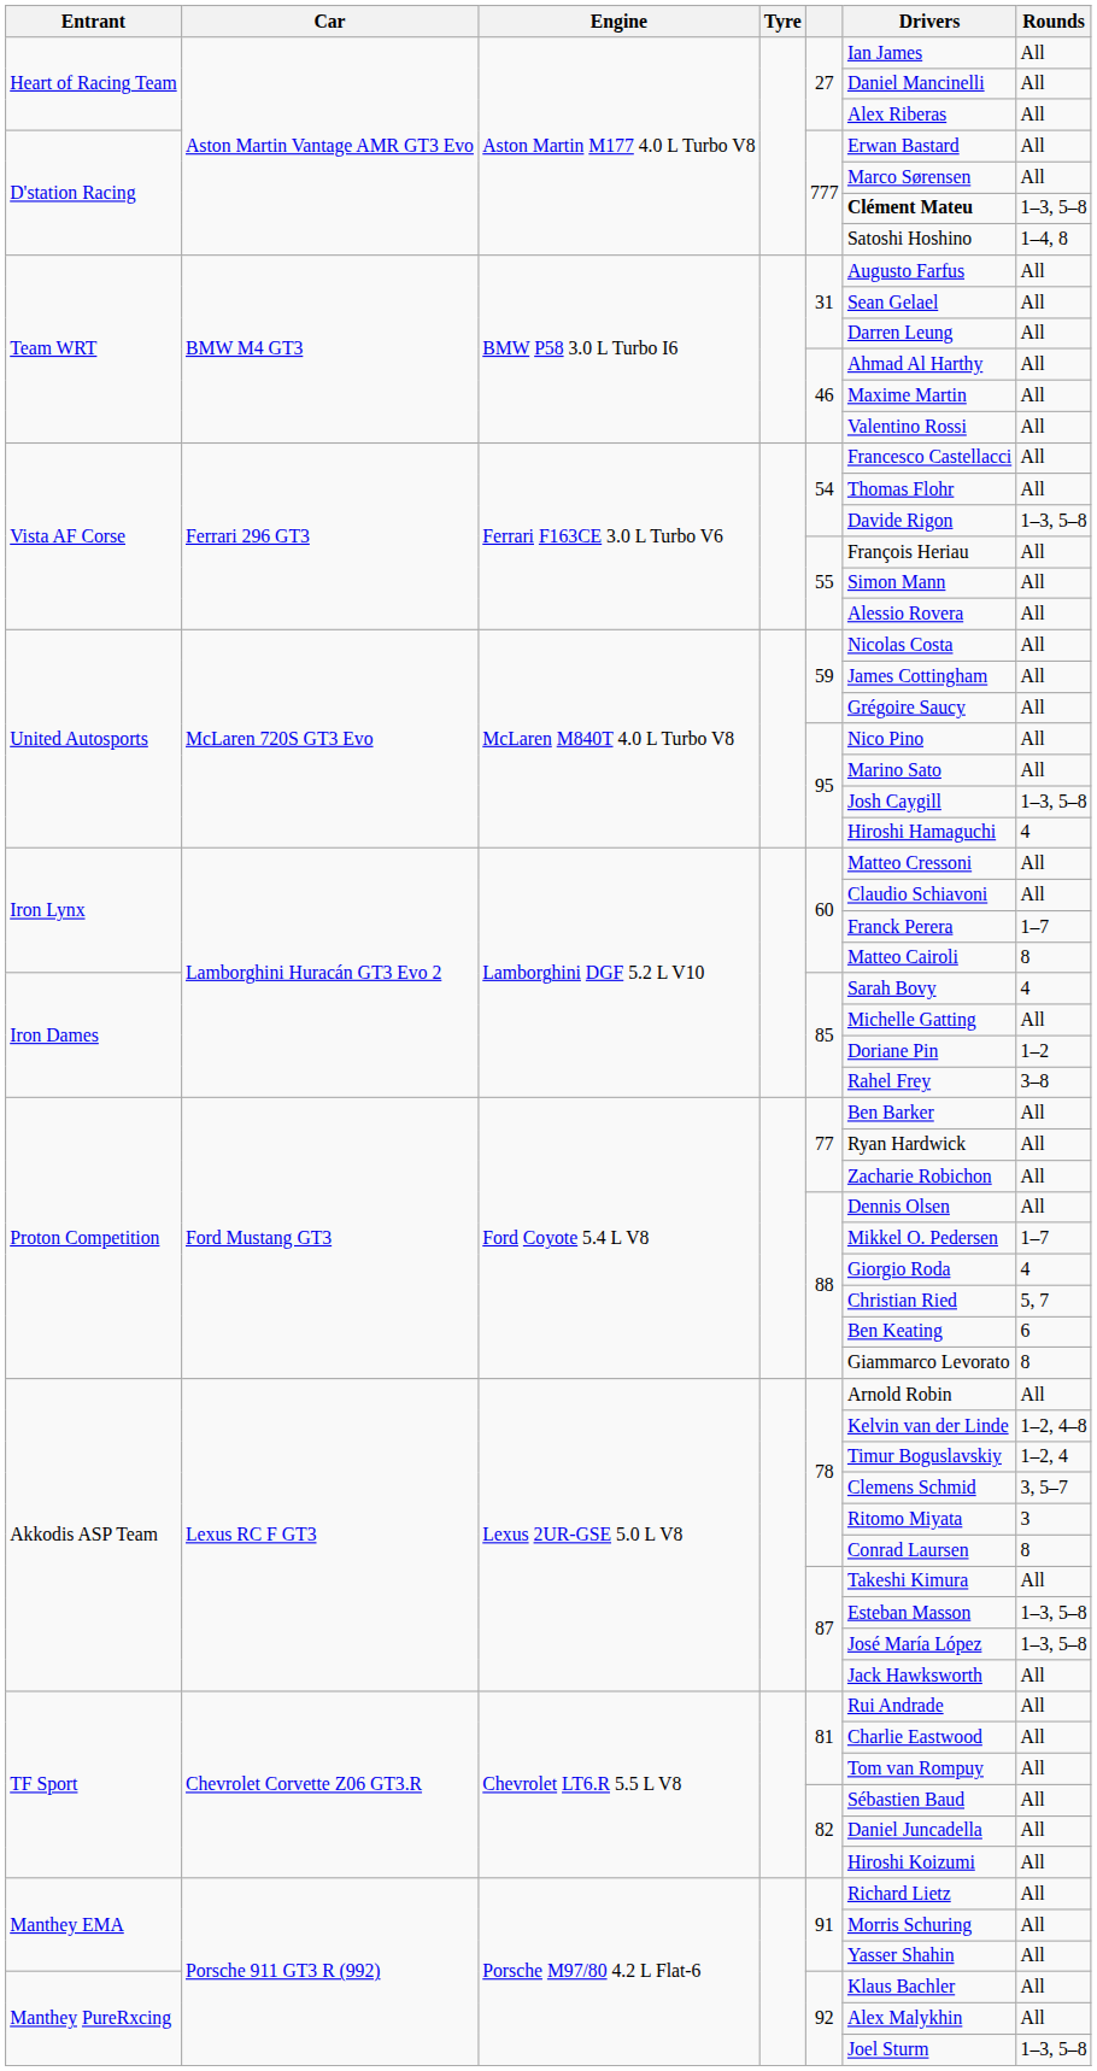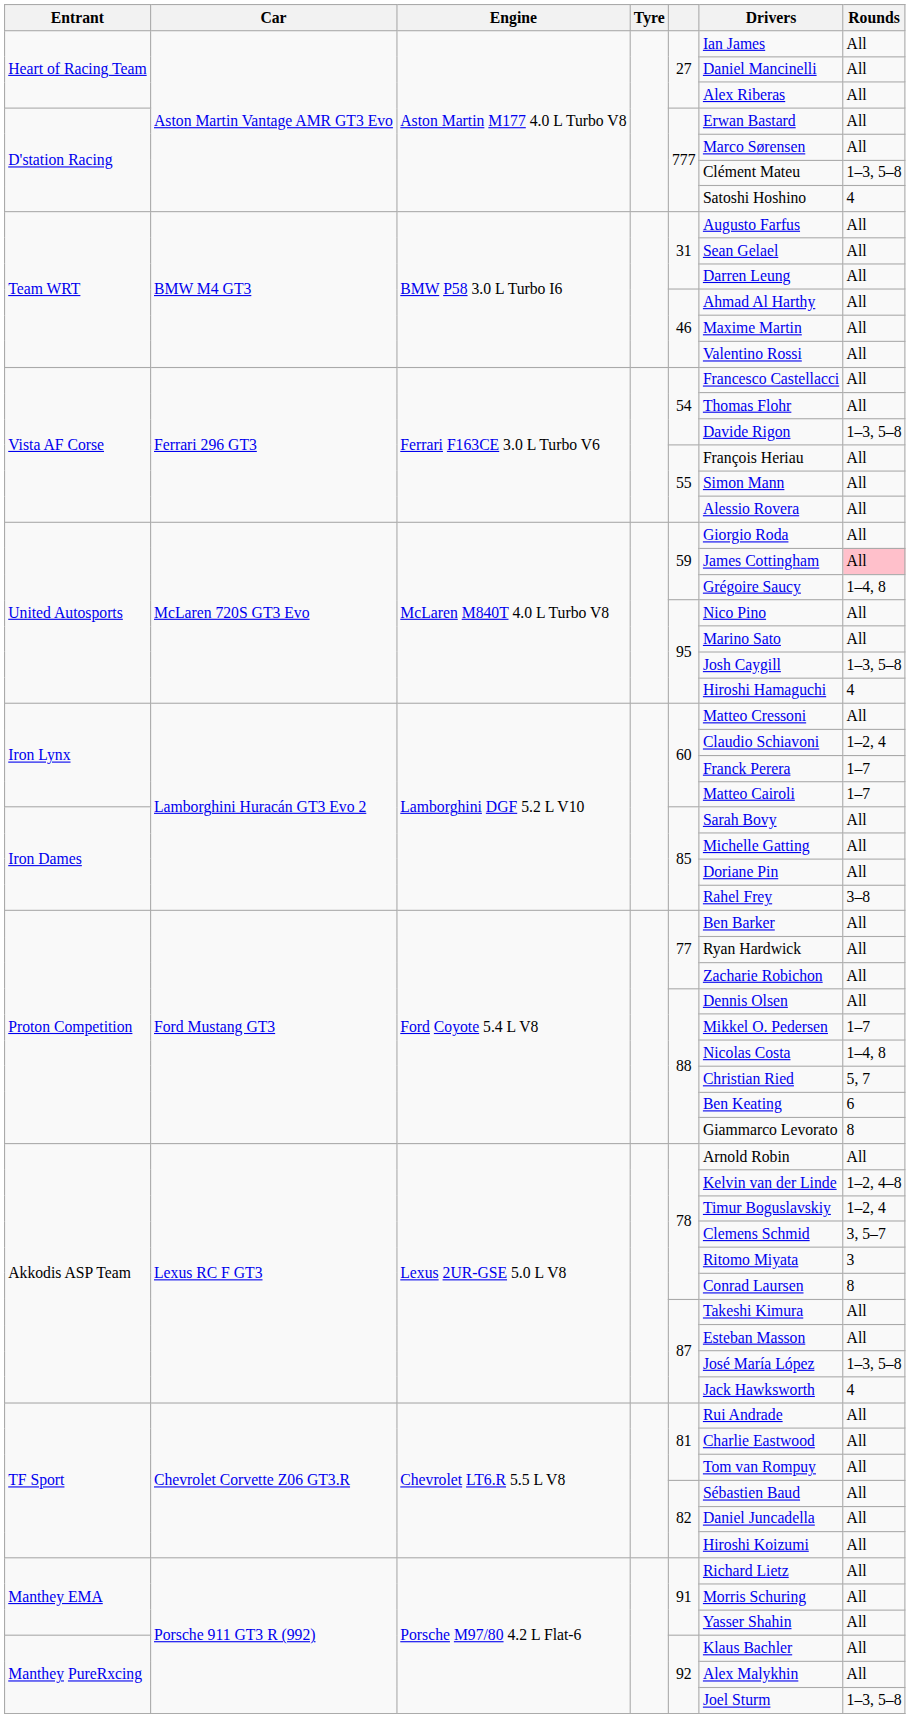 <table class="wikitable" style="font-size:90%;">
 <tr>
 <th>Entrant</th>
 <th>Car</th>
 <th>Engine</th>
 <th>Tyre</th>
 <th></th>
 <th>Drivers</th>
 <th>Rounds</th>
 </tr>
 <tr>
 <td rowspan="3"> <a href='#'>Heart of Racing Team</a></td>
 <td rowspan="7" nowrap><a href='#'>Aston Martin Vantage AMR GT3 Evo</a></td>
 <td rowspan="7" nowrap><a href='#'>Aston Martin</a> <a href='#'>M177</a> 4.0 L Turbo V8</td>
 <td rowspan="7" align="center"></td>
 <td rowspan="3" align="center">27</td>
 <td> <a href='#'>Ian James</a></td>
 <td>All</td>
 </tr>
 <tr>
 <td> <a href='#'>Daniel Mancinelli</a></td>
 <td>All</td>
 </tr>
 <tr>
 <td> <a href='#'>Alex Riberas</a></td>
 <td>All</td>
 </tr>
 <tr>
 <td rowspan="4"> <a href='#'>D'station Racing</a></td>
 <td rowspan="4" align="center">777</td>
 <td> <a href='#'>Erwan Bastard</a></td>
 <td>All</td>
 </tr>
 <tr>
 <td> <a href='#'>Marco Sørensen</a></td>
 <td>All</td>
 </tr>
 <tr>
-<td><strong> Clément Mateu</strong></td>
+<td> Clément Mateu</td>
 <td>1–3, 5–8</td>
 </tr>
 <tr>
 <td> Satoshi Hoshino</td>
-<td>1–4, 8</td>
+<td>4</td>
 </tr>
 <tr>
 <td rowspan="6"> <a href='#'>Team WRT</a></td>
 <td rowspan="6"><a href='#'>BMW M4 GT3</a></td>
 <td rowspan="6"><a href='#'>BMW</a> <a href='#'>P58</a> 3.0 L Turbo I6</td>
 <td rowspan="6" align="center"></td>
 <td rowspan="3" align="center">31</td>
 <td> <a href='#'>Augusto Farfus</a></td>
 <td>All</td>
 </tr>
 <tr>
 <td> <a href='#'>Sean Gelael</a></td>
 <td>All</td>
 </tr>
 <tr>
 <td> <a href='#'>Darren Leung</a></td>
 <td>All</td>
 </tr>
 <tr>
 <td rowspan="3" align="center">46</td>
 <td> <a href='#'>Ahmad Al Harthy</a></td>
 <td>All</td>
 </tr>
 <tr>
 <td> <a href='#'>Maxime Martin</a></td>
 <td>All</td>
 </tr>
 <tr>
 <td> <a href='#'>Valentino Rossi</a></td>
 <td>All</td>
 </tr>
 <tr>
 <td rowspan="6"> <a href='#'>Vista AF Corse</a></td>
 <td rowspan="6"><a href='#'>Ferrari 296 GT3</a></td>
 <td rowspan="6"><a href='#'>Ferrari</a> <a href='#'>F163CE</a> 3.0 L Turbo V6</td>
 <td rowspan="6" align="center"></td>
 <td rowspan="3" align="center">54</td>
 <td> <a href='#'>Francesco Castellacci</a></td>
 <td>All</td>
 </tr>
 <tr>
 <td> <a href='#'>Thomas Flohr</a></td>
 <td>All</td>
 </tr>
 <tr>
 <td> <a href='#'>Davide Rigon</a></td>
 <td>1–3, 5–8</td>
 </tr>
 <tr>
 <td rowspan="3" align="center">55</td>
 <td> François Heriau</td>
 <td>All</td>
 </tr>
 <tr>
 <td> <a href='#'>Simon Mann</a></td>
 <td>All</td>
 </tr>
 <tr>
 <td> <a href='#'>Alessio Rovera</a></td>
 <td>All</td>
 </tr>
 <tr>
 <td rowspan="7"> <a href='#'>United Autosports</a></td>
 <td rowspan="7"><a href='#'>McLaren 720S GT3 Evo</a></td>
 <td rowspan="7"><a href='#'>McLaren</a> <a href='#'>M840T</a> 4.0 L Turbo V8</td>
 <td rowspan="7" align="center"></td>
 <td rowspan="3" align="center">59</td>
-<td> <a href='#'>Nicolas Costa</a></td>
+<td> <a href='#'>Giorgio Roda</a></td>
 <td>All</td>
 </tr>
 <tr>
 <td> <a href='#'>James Cottingham</a></td>
-<td>All</td>
+<td style="background: pink;">All</td>
 </tr>
 <tr>
 <td> <a href='#'>Grégoire Saucy</a></td>
-<td>All</td>
+<td>1–4, 8</td>
 </tr>
 <tr>
 <td rowspan="4" align="center">95</td>
 <td> <a href='#'>Nico Pino</a></td>
 <td>All</td>
 </tr>
 <tr>
 <td> <a href='#'>Marino Sato</a></td>
 <td>All</td>
 </tr>
 <tr>
 <td> <a href='#'>Josh Caygill</a></td>
 <td>1–3, 5–8</td>
 </tr>
 <tr>
 <td> <a href='#'>Hiroshi Hamaguchi</a></td>
 <td>4</td>
 </tr>
 <tr>
 <td rowspan="4"> <a href='#'>Iron Lynx</a></td>
 <td rowspan="8"><a href='#'>Lamborghini Huracán GT3 Evo 2</a></td>
 <td rowspan="8"><a href='#'>Lamborghini</a> <a href='#'>DGF</a> 5.2 L V10</td>
 <td rowspan="8" align="center"></td>
 <td rowspan="4" align="center">60</td>
 <td> <a href='#'>Matteo Cressoni</a></td>
 <td>All</td>
 </tr>
 <tr>
 <td> <a href='#'>Claudio Schiavoni</a></td>
-<td>All</td>
+<td>1–2, 4</td>
 </tr>
 <tr>
 <td> <a href='#'>Franck Perera</a></td>
 <td>1–7</td>
 </tr>
 <tr>
 <td> <a href='#'>Matteo Cairoli</a></td>
-<td>8</td>
+<td>1–7</td>
 </tr>
 <tr>
 <td rowspan="4"> <a href='#'>Iron Dames</a></td>
 <td rowspan="4" align="center">85</td>
 <td> <a href='#'>Sarah Bovy</a></td>
-<td>4</td>
+<td>All</td>
 </tr>
 <tr>
 <td> <a href='#'>Michelle Gatting</a></td>
 <td>All</td>
 </tr>
 <tr>
 <td> <a href='#'>Doriane Pin</a></td>
-<td>1–2</td>
+<td>All</td>
 </tr>
 <tr>
 <td> <a href='#'>Rahel Frey</a></td>
 <td>3–8</td>
 </tr>
 <tr>
 <td rowspan="9"> <a href='#'>Proton Competition</a></td>
 <td rowspan="9"><a href='#'>Ford Mustang GT3</a></td>
 <td rowspan="9"><a href='#'>Ford</a> <a href='#'>Coyote</a> 5.4 L V8</td>
 <td rowspan="9" align="center"></td>
 <td rowspan="3" align="center">77</td>
 <td> <a href='#'>Ben Barker</a></td>
 <td>All</td>
 </tr>
 <tr>
 <td> Ryan Hardwick</td>
 <td>All</td>
 </tr>
 <tr>
 <td> <a href='#'>Zacharie Robichon</a></td>
 <td>All</td>
 </tr>
 <tr>
 <td rowspan="6" align="center">88</td>
 <td> <a href='#'>Dennis Olsen</a></td>
 <td>All</td>
 </tr>
 <tr>
 <td> <a href='#'>Mikkel O. Pedersen</a></td>
 <td>1–7</td>
 </tr>
 <tr>
-<td> <a href='#'>Giorgio Roda</a></td>
-<td>4</td>
+<td> <a href='#'>Nicolas Costa</a></td>
+<td>1–4, 8</td>
 </tr>
 <tr>
 <td> <a href='#'>Christian Ried</a></td>
 <td>5, 7</td>
 </tr>
 <tr>
 <td> <a href='#'>Ben Keating</a></td>
 <td>6</td>
 </tr>
 <tr>
 <td> Giammarco Levorato</td>
 <td>8</td>
 </tr>
 <tr>
 <td rowspan="10"> Akkodis ASP Team</td>
 <td rowspan="10"><a href='#'>Lexus RC F GT3</a></td>
 <td rowspan="10"><a href='#'>Lexus</a> <a href='#'>2UR-GSE</a> 5.0 L V8</td>
 <td rowspan="10" align="center"></td>
 <td rowspan="6" align="center">78</td>
 <td> Arnold Robin</td>
 <td>All</td>
 </tr>
 <tr>
 <td> <a href='#'>Kelvin van der Linde</a></td>
 <td>1–2, 4–8</td>
 </tr>
 <tr>
 <td nowrap> <a href='#'>Timur Boguslavskiy</a></td>
 <td>1–2, 4</td>
 </tr>
 <tr>
 <td> <a href='#'>Clemens Schmid</a></td>
 <td>3, 5–7</td>
 </tr>
 <tr>
 <td> <a href='#'>Ritomo Miyata</a></td>
 <td>3</td>
 </tr>
 <tr>
 <td> <a href='#'>Conrad Laursen</a></td>
 <td>8</td>
 </tr>
 <tr>
 <td rowspan="4" align="center">87</td>
 <td> <a href='#'>Takeshi Kimura</a></td>
 <td>All</td>
 </tr>
 <tr>
 <td> <a href='#'>Esteban Masson</a></td>
-<td>1–3, 5–8</td>
+<td>All</td>
 </tr>
 <tr>
 <td> <a href='#'>José María López</a></td>
 <td>1–3, 5–8</td>
 </tr>
 <tr>
 <td> <a href='#'>Jack Hawksworth</a></td>
-<td>All</td>
+<td>4</td>
 </tr>
 <tr>
 <td rowspan="6"> <a href='#'>TF Sport</a></td>
 <td rowspan="6"><a href='#'>Chevrolet Corvette Z06 GT3.R</a></td>
 <td rowspan="6"><a href='#'>Chevrolet</a> <a href='#'>LT6.R</a> 5.5 L V8</td>
 <td rowspan="6" align="center"></td>
 <td rowspan="3" align="center">81</td>
 <td> <a href='#'>Rui Andrade</a></td>
 <td>All</td>
 </tr>
 <tr>
 <td> <a href='#'>Charlie Eastwood</a></td>
 <td>All</td>
 </tr>
 <tr>
 <td> <a href='#'>Tom van Rompuy</a></td>
 <td>All</td>
 </tr>
 <tr>
 <td rowspan="3" align="center">82</td>
 <td> <a href='#'>Sébastien Baud</a></td>
 <td>All</td>
 </tr>
 <tr>
 <td> <a href='#'>Daniel Juncadella</a></td>
 <td>All</td>
 </tr>
 <tr>
 <td> <a href='#'>Hiroshi Koizumi</a></td>
 <td>All</td>
 </tr>
 <tr>
 <td rowspan="3"> <a href='#'>Manthey EMA</a></td>
 <td rowspan="6"><a href='#'>Porsche 911 GT3 R (992)</a></td>
 <td rowspan="6"><a href='#'>Porsche</a> <a href='#'>M97/80</a> 4.2 L Flat-6</td>
 <td rowspan="6" align="center"></td>
 <td rowspan="3" align="center">91</td>
 <td> <a href='#'>Richard Lietz</a></td>
 <td>All</td>
 </tr>
 <tr>
 <td> <a href='#'>Morris Schuring</a></td>
 <td>All</td>
 </tr>
 <tr>
 <td> <a href='#'>Yasser Shahin</a></td>
 <td>All</td>
 </tr>
 <tr>
 <td rowspan="3"> <a href='#'>Manthey</a> <a href='#'>PureRxcing</a></td>
 <td rowspan="3" align="center">92</td>
 <td> <a href='#'>Klaus Bachler</a></td>
 <td>All</td>
 </tr>
 <tr>
 <td> <a href='#'>Alex Malykhin</a></td>
 <td>All</td>
 </tr>
 <tr>
 <td> <a href='#'>Joel Sturm</a></td>
 <td>1–3, 5–8</td>
 </tr>
 <tr>
 </tr>
 </table>
